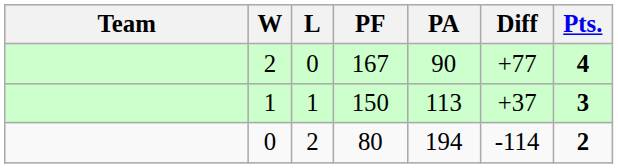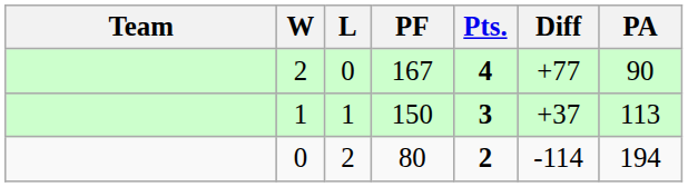 <table class=wikitable>
 <tr align=center>
 <th width=150px>Team</th>
 <th width=20px>W</th>
 <th width=20px>L</th>
 <th width=40px>PF</th>
+<th width=30px><a href='#'>Pts.</a></th>
+<th width=40px>Diff</th>
 <th width=40px>PA</th>
-<th width=40px>Diff</th>
-<th width=30px><a href='#'>Pts.</a></th>
 </tr>
 <tr align=center bgcolor="#ccffcc">
 <td align=left></td>
 <td>2</td>
 <td>0</td>
 <td>167</td>
+<td><strong>4</strong></td>
+<td>+77</td>
 <td>90</td>
-<td>+77</td>
-<td><strong>4</strong></td>
 </tr>
 <tr align=center bgcolor="#ccffcc">
 <td align=left></td>
 <td>1</td>
 <td>1</td>
 <td>150</td>
+<td><strong>3</strong></td>
+<td>+37</td>
 <td>113</td>
-<td>+37</td>
-<td><strong>3</strong></td>
 </tr>
 <tr align=center>
 <td align=left></td>
 <td>0</td>
 <td>2</td>
 <td>80</td>
+<td><strong>2</strong></td>
+<td>-114</td>
 <td>194</td>
-<td>-114</td>
-<td><strong>2</strong></td>
 </tr>
 </table>
